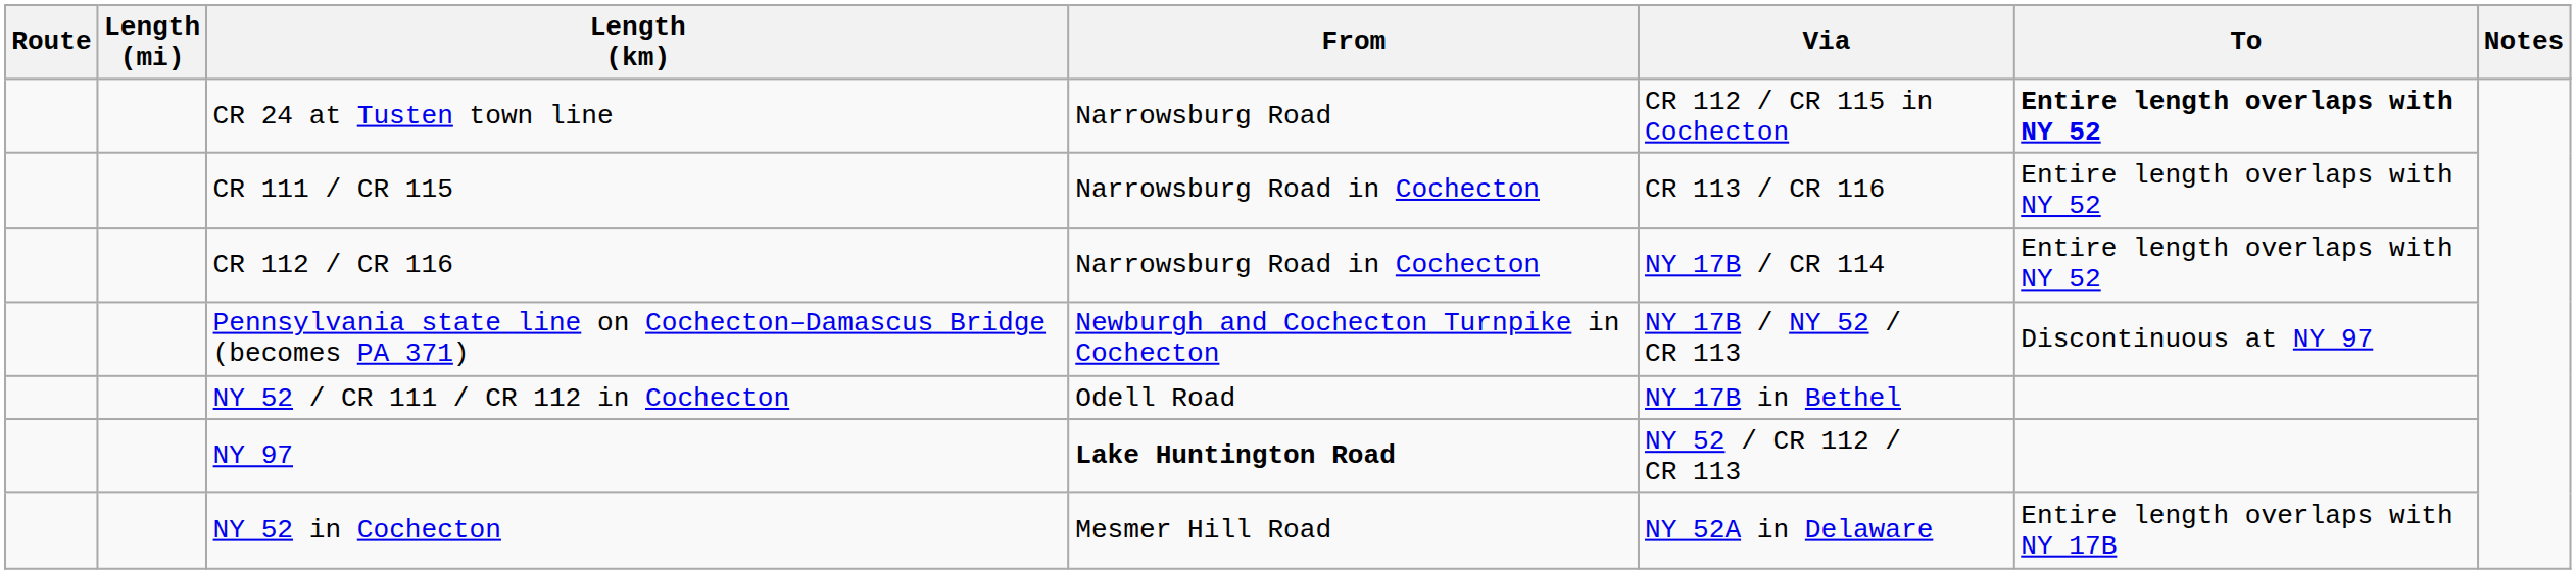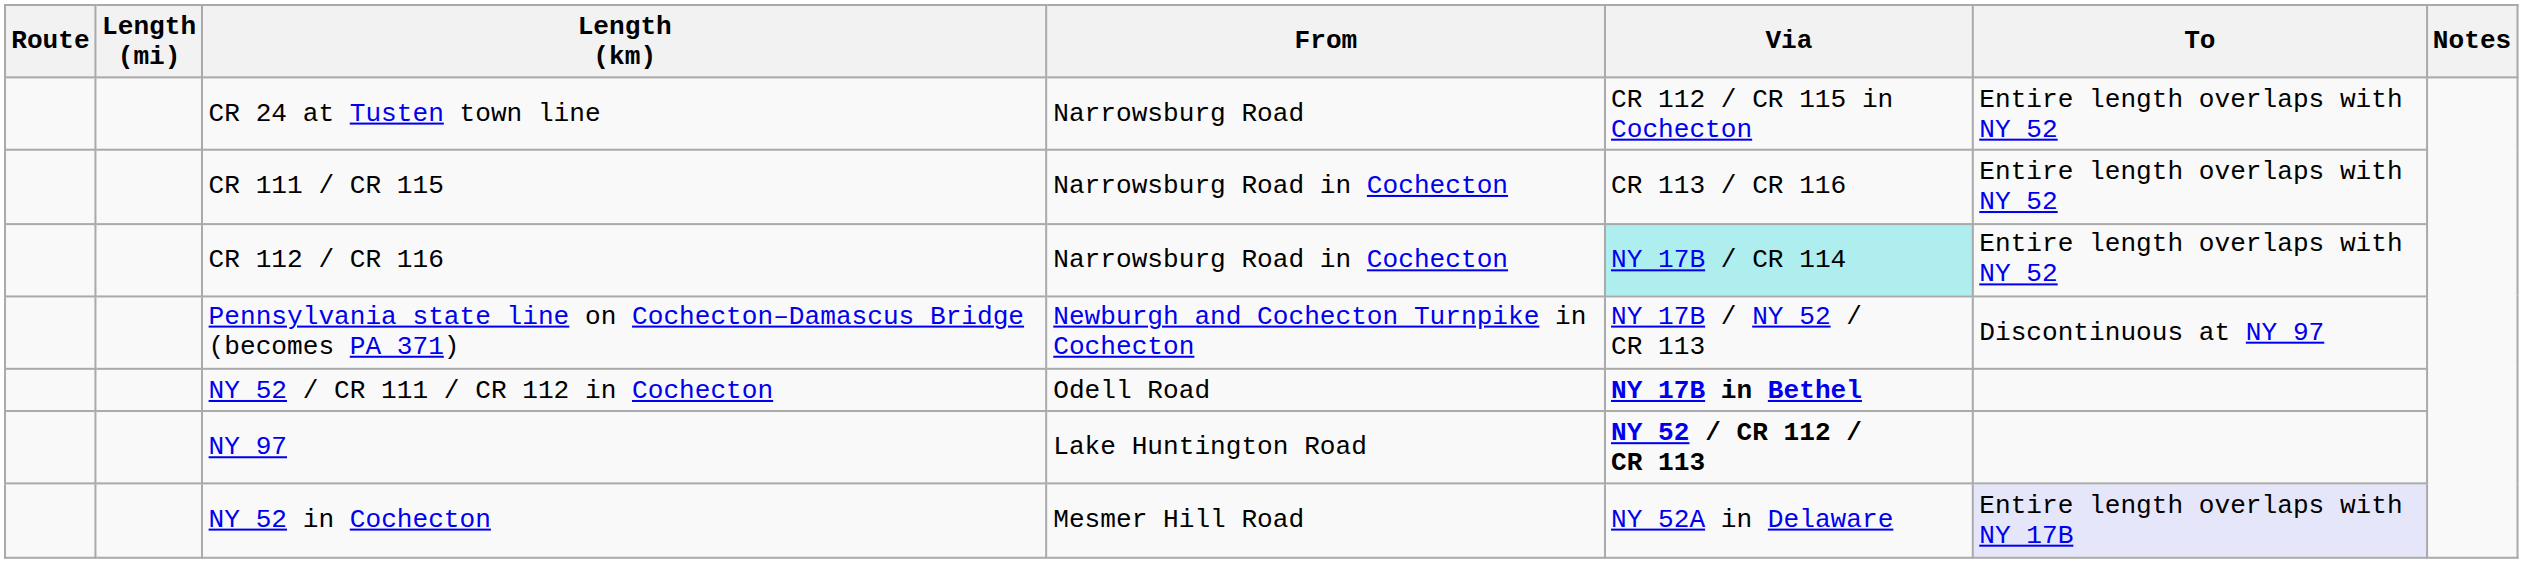 <table class="wikitable sortable">
 <tr>
 <th>Route</th>
 <th>Length<br>(mi)</th>
 <th>Length<br>(km)</th>
 <th class="unsortable">From</th>
 <th class="unsortable">Via</th>
 <th class="unsortable">To</th>
 <th class="unsortable">Notes</th>
 </tr>
 <tr>
 <td id="111"></td>
 <td></td>
 <td>CR 24 at <a href='#'>Tusten</a> town line</td>
 <td>Narrowsburg Road</td>
 <td>CR 112 / CR 115 in <a href='#'>Cochecton</a></td>
-<td><strong>Entire length overlaps with <a href='#'>NY&nbsp;52</a></strong></td>
+<td>Entire length overlaps with <a href='#'>NY&nbsp;52</a></td>
 </tr>
 <tr>
 <td id="112"></td>
 <td></td>
 <td>CR 111 / CR 115</td>
 <td>Narrowsburg Road in <a href='#'>Cochecton</a></td>
 <td>CR 113 / CR 116</td>
 <td>Entire length overlaps with <a href='#'>NY&nbsp;52</a></td>
 </tr>
 <tr>
 <td id="113"></td>
 <td></td>
 <td>CR 112 / CR 116</td>
 <td>Narrowsburg Road in <a href='#'>Cochecton</a></td>
-<td><a href='#'>NY&nbsp;17B</a> / CR 114</td>
+<td style="background: paleturquoise;"><a href='#'>NY&nbsp;17B</a> / CR 114</td>
 <td>Entire length overlaps with <a href='#'>NY&nbsp;52</a></td>
 </tr>
 <tr>
 <td id="114"></td>
 <td></td>
 <td><a href='#'>Pennsylvania state line</a> on <a href='#'>Cochecton–Damascus Bridge</a> (becomes <a href='#'>PA&nbsp;371</a>)</td>
 <td><a href='#'>Newburgh and Cochecton Turnpike</a> in <a href='#'>Cochecton</a></td>
 <td><a href='#'>NY&nbsp;17B</a> / <a href='#'>NY&nbsp;52</a> / CR 113</td>
 <td>Discontinuous at <a href='#'>NY&nbsp;97</a></td>
 </tr>
 <tr>
 <td id="115"></td>
 <td></td>
 <td><a href='#'>NY&nbsp;52</a> / CR 111 / CR 112 in <a href='#'>Cochecton</a></td>
 <td>Odell Road</td>
-<td><a href='#'>NY&nbsp;17B</a> in <a href='#'>Bethel</a></td>
+<td><strong><a href='#'>NY&nbsp;17B</a> in <a href='#'>Bethel</a></strong></td>
 <td></td>
 </tr>
 <tr>
 <td id="116"></td>
 <td></td>
 <td><a href='#'>NY&nbsp;97</a></td>
-<td><strong>Lake Huntington Road</strong></td>
-<td><a href='#'>NY&nbsp;52</a> / CR 112 / CR 113</td>
+<td>Lake Huntington Road</td>
+<td><strong><a href='#'>NY&nbsp;52</a> / CR 112 / CR 113</strong></td>
 <td></td>
 </tr>
 <tr>
 <td id="117"></td>
 <td></td>
 <td><a href='#'>NY&nbsp;52</a> in <a href='#'>Cochecton</a></td>
 <td>Mesmer Hill Road</td>
 <td><a href='#'>NY&nbsp;52A</a> in <a href='#'>Delaware</a></td>
-<td>Entire length overlaps with <a href='#'>NY&nbsp;17B</a></td>
+<td style="background: lavender;">Entire length overlaps with <a href='#'>NY&nbsp;17B</a></td>
 </tr>
 </table>
